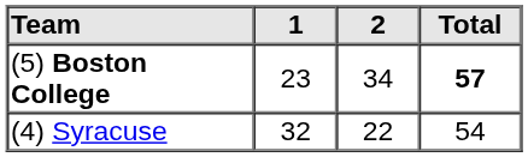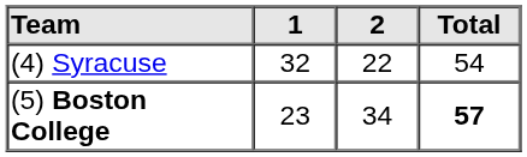 <table border=1 cellspacing=0 width=300 style="margin-left:3em;">
 <tr style="text-align:center; background-color:#e6e6e6;">
 <th align=left width=30%>Team</th>
 <th width=10%>1</th>
 <th width=10%>2</th>
 <th width=10%>Total</th>
 </tr>
 <tr style="text-align:center;">
+<td align=left>(4) <a href='#'>Syracuse</a></td>
+<td>32</td>
+<td>22</td>
+<td>54</td>
+</tr>
+<tr style="text-align:center;">
 <td align=left>(5) <strong>Boston College</strong></td>
 <td>23</td>
 <td>34</td>
 <td><strong>57</strong></td>
 </tr>
 <tr style="text-align:center;">
-<td align=left>(4) <a href='#'>Syracuse</a></td>
-<td>32</td>
-<td>22</td>
-<td>54</td>
-</tr>
-<tr style="text-align:center;">
 </tr>
 </table>
